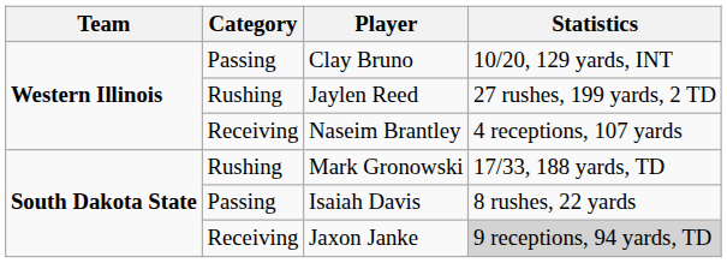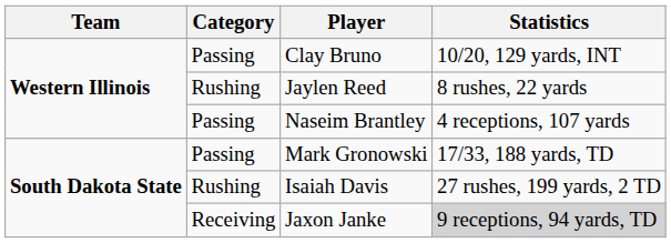 <table class="wikitable" style="float: left;">
 <tr>
 <th>Team</th>
 <th>Category</th>
 <th>Player</th>
 <th>Statistics</th>
 </tr>
 <tr>
 <td rowspan=3><strong>Western Illinois</strong></td>
 <td>Passing</td>
 <td>Clay Bruno</td>
 <td>10/20, 129 yards, INT</td>
 </tr>
 <tr>
 <td>Rushing</td>
 <td>Jaylen Reed</td>
-<td>27 rushes, 199 yards, 2 TD</td>
+<td>8 rushes, 22 yards</td>
 </tr>
 <tr>
-<td>Receiving</td>
+<td>Passing</td>
 <td>Naseim Brantley</td>
 <td>4 receptions, 107 yards</td>
 </tr>
 <tr>
 <td rowspan=3><strong>South Dakota State</strong></td>
-<td>Rushing</td>
+<td>Passing</td>
 <td>Mark Gronowski</td>
 <td>17/33, 188 yards, TD</td>
 </tr>
 <tr>
-<td>Passing</td>
+<td>Rushing</td>
 <td>Isaiah Davis</td>
-<td>8 rushes, 22 yards</td>
+<td>27 rushes, 199 yards, 2 TD</td>
 </tr>
 <tr>
 <td>Receiving</td>
 <td>Jaxon Janke</td>
 <td style="background: lightgrey;">9 receptions, 94 yards, TD</td>
 </tr>
 </table>
